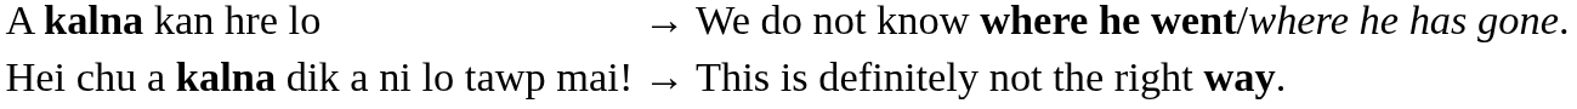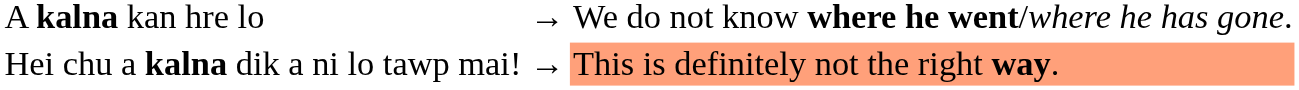 <table>
 <tr>
 <td>A <strong>kalna</strong> kan hre lo</td>
 <td>→</td>
 <td>We do not know <strong>where he went</strong>/<em>where he has gone</em>.</td>
 </tr>
 <tr>
 <td>Hei chu a <strong>kalna</strong> dik a ni lo tawp mai!</td>
 <td>→</td>
-<td>This is definitely not the right <strong>way</strong>.</td>
+<td style="background: lightsalmon;">This is definitely not the right <strong>way</strong>.</td>
 </tr>
 <tr>
 </tr>
 </table>
